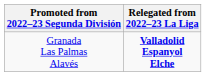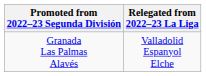 <table class="wikitable">
 <tr>
 <th>Promoted from<br><a href='#'>2022–23 Segunda División</a></th>
 <th>Relegated from<br><a href='#'>2022–23 La Liga</a></th>
 </tr>
 <tr>
 <td align=center><a href='#'>Granada</a> <br> <a href='#'>Las Palmas</a> <br><a href='#'>Alavés</a></td>
-<td align=center><strong><a href='#'>Valladolid</a> <br> <a href='#'>Espanyol</a> <br> <a href='#'>Elche</a></strong></td>
+<td align=center><a href='#'>Valladolid</a> <br> <a href='#'>Espanyol</a> <br> <a href='#'>Elche</a></td>
 </tr>
 </table>
